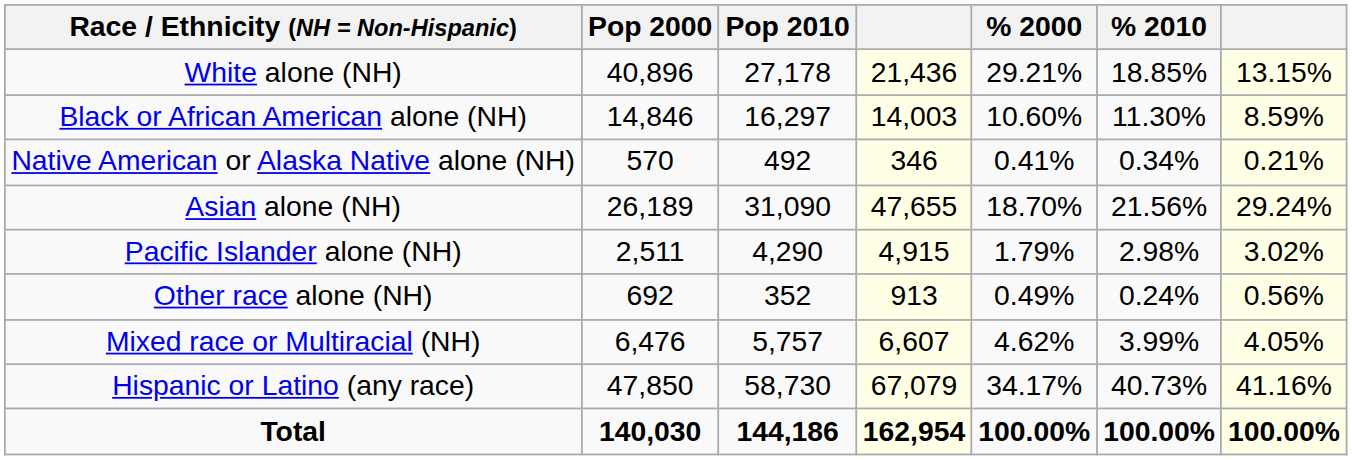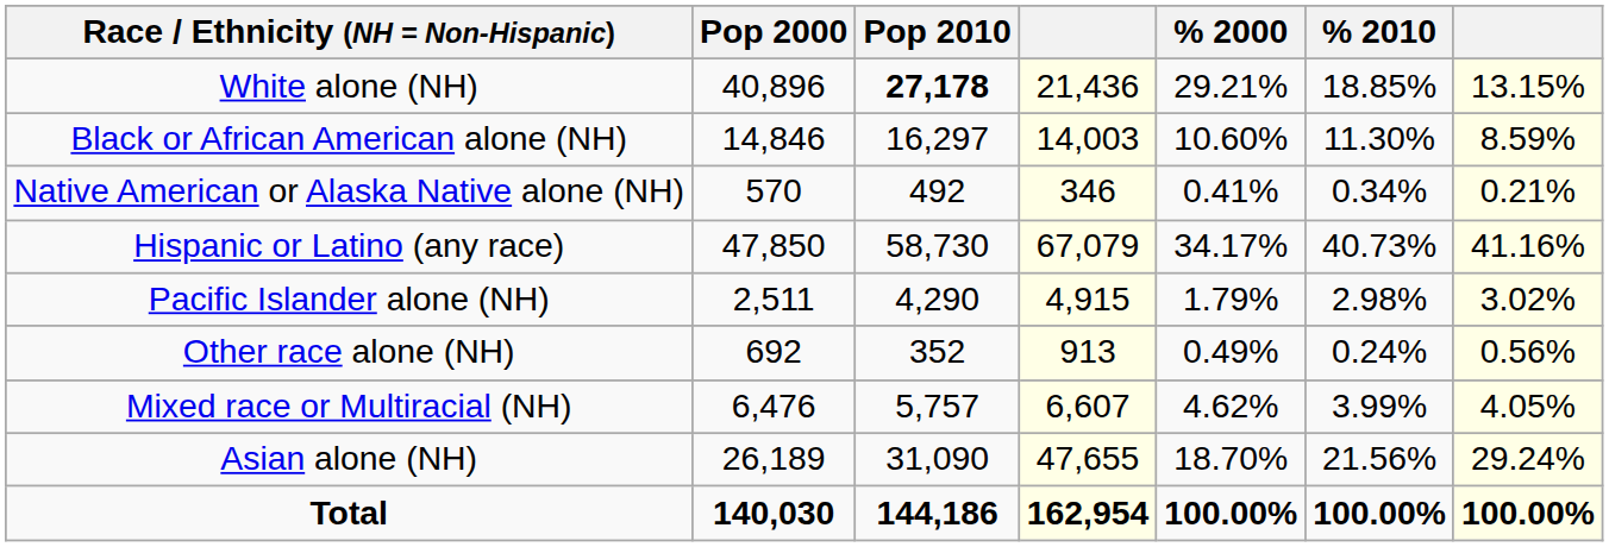 <table class="wikitable" style="text-align:center;">
 <tr>
 <th>Race / Ethnicity <small>(<em>NH = Non-Hispanic</em>)</small></th>
 <th>Pop 2000</th>
 <th>Pop 2010</th>
 <th></th>
 <th>% 2000</th>
 <th>% 2010</th>
 <th></th>
 </tr>
 <tr>
 <td><a href='#'>White</a> alone (NH)</td>
 <td>40,896</td>
-<td>27,178</td>
+<td><strong>27,178</strong></td>
 <td style='background: #ffffe6;'>21,436</td>
 <td>29.21%</td>
 <td>18.85%</td>
 <td style='background: #ffffe6;'>13.15%</td>
 </tr>
 <tr>
 <td><a href='#'>Black or African American</a> alone (NH)</td>
 <td>14,846</td>
 <td>16,297</td>
 <td style='background: #ffffe6;'>14,003</td>
 <td>10.60%</td>
 <td>11.30%</td>
 <td style='background: #ffffe6;'>8.59%</td>
 </tr>
 <tr>
 <td><a href='#'>Native American</a> or <a href='#'>Alaska Native</a> alone (NH)</td>
 <td>570</td>
 <td>492</td>
 <td style='background: #ffffe6;'>346</td>
 <td>0.41%</td>
 <td>0.34%</td>
 <td style='background: #ffffe6;'>0.21%</td>
 </tr>
 <tr>
-<td><a href='#'>Asian</a> alone (NH)</td>
-<td>26,189</td>
-<td>31,090</td>
-<td style='background: #ffffe6;'>47,655</td>
-<td>18.70%</td>
-<td>21.56%</td>
-<td style='background: #ffffe6;'>29.24%</td>
+<td><a href='#'>Hispanic or Latino</a> (any race)</td>
+<td>47,850</td>
+<td>58,730</td>
+<td style='background: #ffffe6;'>67,079</td>
+<td>34.17%</td>
+<td>40.73%</td>
+<td style='background: #ffffe6;'>41.16%</td>
 </tr>
 <tr>
 <td><a href='#'>Pacific Islander</a> alone (NH)</td>
 <td>2,511</td>
 <td>4,290</td>
 <td style='background: #ffffe6;'>4,915</td>
 <td>1.79%</td>
 <td>2.98%</td>
 <td style='background: #ffffe6;'>3.02%</td>
 </tr>
 <tr>
 <td><a href='#'>Other race</a> alone (NH)</td>
 <td>692</td>
 <td>352</td>
 <td style='background: #ffffe6;'>913</td>
 <td>0.49%</td>
 <td>0.24%</td>
 <td style='background: #ffffe6;'>0.56%</td>
 </tr>
 <tr>
 <td><a href='#'>Mixed race or Multiracial</a> (NH)</td>
 <td>6,476</td>
 <td>5,757</td>
 <td style='background: #ffffe6;'>6,607</td>
 <td>4.62%</td>
 <td>3.99%</td>
 <td style='background: #ffffe6;'>4.05%</td>
 </tr>
 <tr>
-<td><a href='#'>Hispanic or Latino</a> (any race)</td>
-<td>47,850</td>
-<td>58,730</td>
-<td style='background: #ffffe6;'>67,079</td>
-<td>34.17%</td>
-<td>40.73%</td>
-<td style='background: #ffffe6;'>41.16%</td>
+<td><a href='#'>Asian</a> alone (NH)</td>
+<td>26,189</td>
+<td>31,090</td>
+<td style='background: #ffffe6;'>47,655</td>
+<td>18.70%</td>
+<td>21.56%</td>
+<td style='background: #ffffe6;'>29.24%</td>
 </tr>
 <tr>
 <td><strong>Total</strong></td>
 <td><strong>140,030</strong></td>
 <td><strong>144,186</strong></td>
 <td style='background: #ffffe6;'><strong>162,954</strong></td>
 <td><strong>100.00%</strong></td>
 <td><strong>100.00%</strong></td>
 <td style='background: #ffffe6;'><strong>100.00%</strong></td>
 </tr>
 </table>
